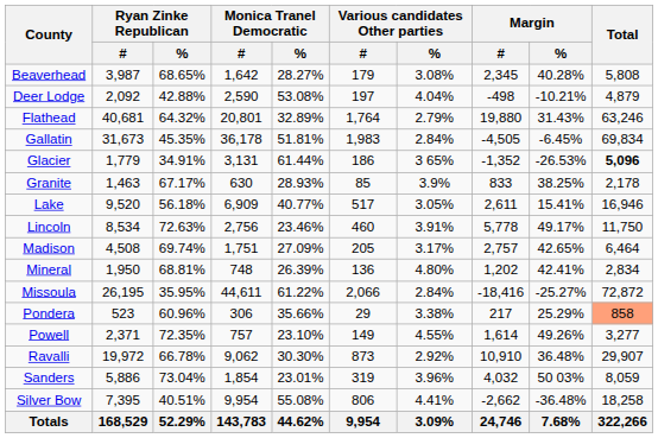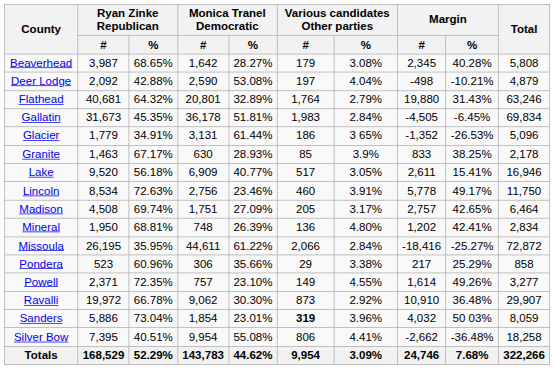 <table width="60%"  class="wikitable sortable" style="text-align:center">
 <tr>
 <th rowspan="2">County</th>
 <th colspan="2">Ryan Zinke<br>Republican</th>
 <th colspan="2">Monica Tranel<br>Democratic</th>
 <th colspan="2">Various candidates<br>Other parties</th>
 <th colspan="2">Margin</th>
 <th rowspan="2">Total</th>
 </tr>
 <tr>
 <th style="text-align:center;" data-sort-type="number">#</th>
 <th style="text-align:center;" data-sort-type="number">%</th>
 <th style="text-align:center;" data-sort-type="number">#</th>
 <th style="text-align:center;" data-sort-type="number">%</th>
 <th style="text-align:center;" data-sort-type="number">#</th>
 <th style="text-align:center;" data-sort-type="number">%</th>
 <th style="text-align:center;" data-sort-type="number">#</th>
 <th style="text-align:center;" data-sort-type="number">%</th>
 </tr>
 <tr style="text-align:center;">
 <td><a href='#'>Beaverhead</a></td>
 <td>3,987</td>
 <td>68.65%</td>
 <td>1,642</td>
 <td>28.27%</td>
 <td>179</td>
 <td>3.08%</td>
 <td>2,345</td>
 <td>40.28%</td>
 <td>5,808</td>
 </tr>
 <tr style="text-align:center;">
 <td><a href='#'>Deer Lodge</a></td>
 <td>2,092</td>
 <td>42.88%</td>
 <td>2,590</td>
 <td>53.08%</td>
 <td>197</td>
 <td>4.04%</td>
 <td>-498</td>
 <td>-10.21%</td>
 <td>4,879</td>
 </tr>
 <tr style="text-align:center;">
 <td><a href='#'>Flathead</a></td>
 <td>40,681</td>
 <td>64.32%</td>
 <td>20,801</td>
 <td>32.89%</td>
 <td>1,764</td>
 <td>2.79%</td>
 <td>19,880</td>
 <td>31.43%</td>
 <td>63,246</td>
 </tr>
 <tr style="text-align:center;">
 <td><a href='#'>Gallatin</a></td>
 <td>31,673</td>
 <td>45.35%</td>
 <td>36,178</td>
 <td>51.81%</td>
 <td>1,983</td>
 <td>2.84%</td>
 <td>-4,505</td>
 <td>-6.45%</td>
 <td>69,834</td>
 </tr>
 <tr style="text-align:center;">
 <td><a href='#'>Glacier</a></td>
 <td>1,779</td>
 <td>34.91%</td>
 <td>3,131</td>
 <td>61.44%</td>
 <td>186</td>
 <td>3 65%</td>
 <td>-1,352</td>
 <td>-26.53%</td>
-<td><strong>5,096</strong></td>
+<td>5,096</td>
 </tr>
 <tr style="text-align:center;">
 <td><a href='#'>Granite</a></td>
 <td>1,463</td>
 <td>67.17%</td>
 <td>630</td>
 <td>28.93%</td>
 <td>85</td>
 <td>3.9%</td>
 <td>833</td>
 <td>38.25%</td>
 <td>2,178</td>
 </tr>
 <tr style="text-align:center;">
 <td><a href='#'>Lake</a></td>
 <td>9,520</td>
 <td>56.18%</td>
 <td>6,909</td>
 <td>40.77%</td>
 <td>517</td>
 <td>3.05%</td>
 <td>2,611</td>
 <td>15.41%</td>
 <td>16,946</td>
 </tr>
 <tr style="text-align:center;">
 <td><a href='#'>Lincoln</a></td>
 <td>8,534</td>
 <td>72.63%</td>
 <td>2,756</td>
 <td>23.46%</td>
 <td>460</td>
 <td>3.91%</td>
 <td>5,778</td>
 <td>49.17%</td>
 <td>11,750</td>
 </tr>
 <tr style="text-align:center;">
 <td><a href='#'>Madison</a></td>
 <td>4,508</td>
 <td>69.74%</td>
 <td>1,751</td>
 <td>27.09%</td>
 <td>205</td>
 <td>3.17%</td>
 <td>2,757</td>
 <td>42.65%</td>
 <td>6,464</td>
 </tr>
 <tr style="text-align:center;">
 <td><a href='#'>Mineral</a></td>
 <td>1,950</td>
 <td>68.81%</td>
 <td>748</td>
 <td>26.39%</td>
 <td>136</td>
 <td>4.80%</td>
 <td>1,202</td>
 <td>42.41%</td>
 <td>2,834</td>
 </tr>
 <tr style="text-align:center;">
 <td><a href='#'>Missoula</a></td>
 <td>26,195</td>
 <td>35.95%</td>
 <td>44,611</td>
 <td>61.22%</td>
 <td>2,066</td>
 <td>2.84%</td>
 <td>-18,416</td>
 <td>-25.27%</td>
 <td>72,872</td>
 </tr>
 <tr style="text-align:center;">
 <td><a href='#'>Pondera</a></td>
 <td>523</td>
 <td>60.96%</td>
 <td>306</td>
 <td>35.66%</td>
 <td>29</td>
 <td>3.38%</td>
 <td>217</td>
 <td>25.29%</td>
-<td style="background: lightsalmon;">858</td>
+<td>858</td>
 </tr>
 <tr style="text-align:center;">
 <td><a href='#'>Powell</a></td>
 <td>2,371</td>
 <td>72.35%</td>
 <td>757</td>
 <td>23.10%</td>
 <td>149</td>
 <td>4.55%</td>
 <td>1,614</td>
 <td>49.26%</td>
 <td>3,277</td>
 </tr>
 <tr style="text-align:center;">
 <td><a href='#'>Ravalli</a></td>
 <td>19,972</td>
 <td>66.78%</td>
 <td>9,062</td>
 <td>30.30%</td>
 <td>873</td>
 <td>2.92%</td>
 <td>10,910</td>
 <td>36.48%</td>
 <td>29,907</td>
 </tr>
 <tr style="text-align:center;">
 <td><a href='#'>Sanders</a></td>
 <td>5,886</td>
 <td>73.04%</td>
 <td>1,854</td>
 <td>23.01%</td>
-<td>319</td>
+<td><strong>319</strong></td>
 <td>3.96%</td>
 <td>4,032</td>
 <td>50 03%</td>
 <td>8,059</td>
 </tr>
 <tr style="text-align:center;">
 <td><a href='#'>Silver Bow</a></td>
 <td>7,395</td>
 <td>40.51%</td>
 <td>9,954</td>
 <td>55.08%</td>
 <td>806</td>
 <td>4.41%</td>
 <td>-2,662</td>
 <td>-36.48%</td>
 <td>18,258</td>
 </tr>
 <tr style="text-align:center;">
 <th>Totals</th>
 <th>168,529</th>
 <th>52.29%</th>
 <th>143,783</th>
 <th>44.62%</th>
 <th>9,954</th>
 <th>3.09%</th>
 <th>24,746</th>
 <th>7.68%</th>
 <th>322,266</th>
 </tr>
 </table>
